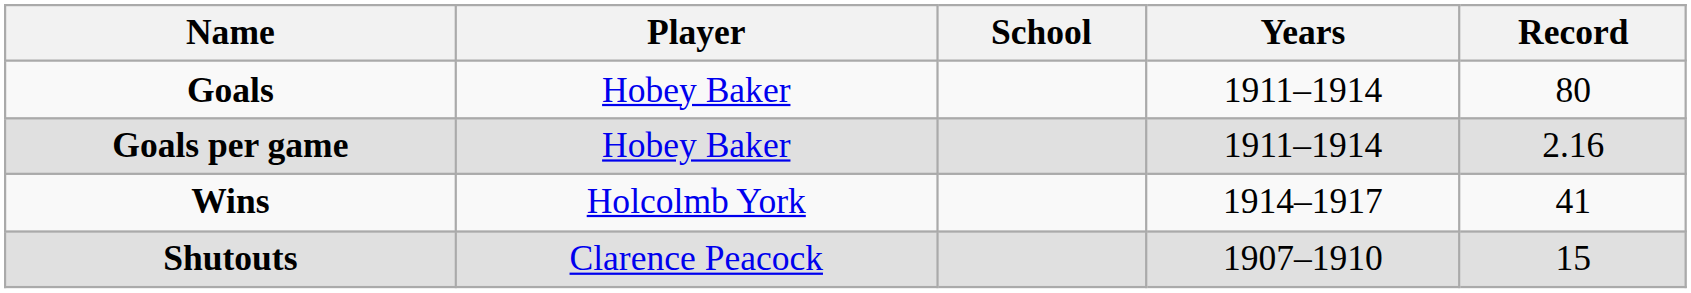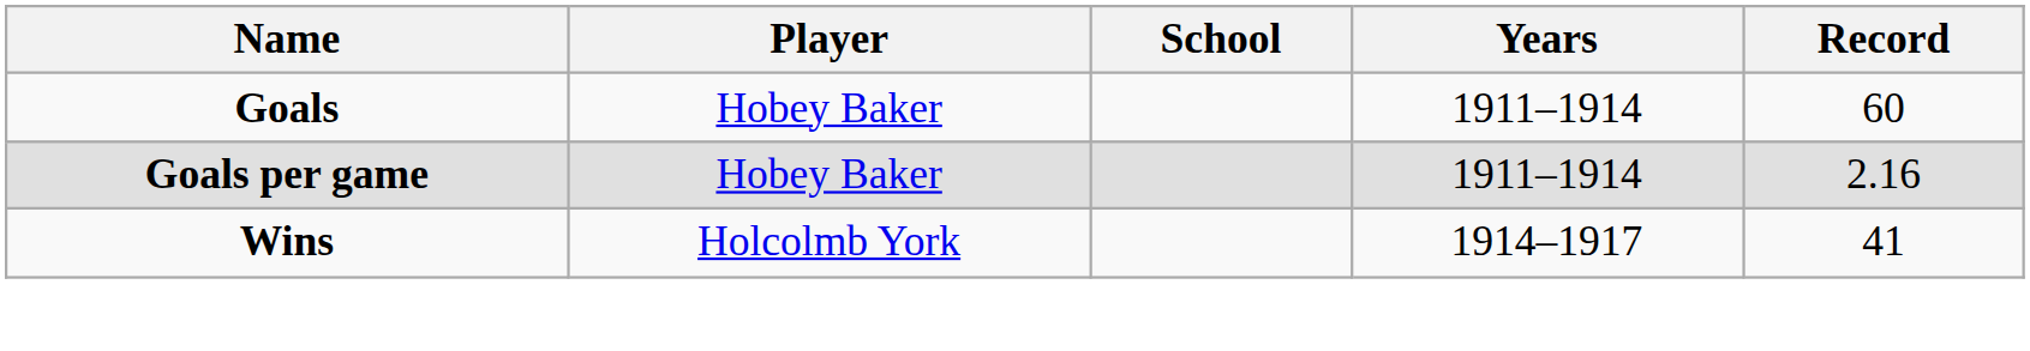 <table class="wikitable" width =60%>
 <tr>
 <th>Name</th>
 <th>Player</th>
 <th>School</th>
 <th>Years</th>
 <th>Record</th>
 </tr>
 <tr align=center>
 <td><strong>Goals</strong></td>
 <td><a href='#'>Hobey Baker</a></td>
 <td><strong><a href='#'></a></strong></td>
 <td>1911–1914</td>
-<td>80</td>
+<td>60</td>
 </tr>
 <tr align=center bgcolor=e0e0e0>
 <td><strong>Goals per game</strong></td>
 <td><a href='#'>Hobey Baker</a></td>
 <td><strong><a href='#'></a></strong></td>
 <td>1911–1914</td>
 <td>2.16</td>
 </tr>
 <tr align=center>
 <td><strong>Wins</strong></td>
 <td><a href='#'>Holcolmb York</a></td>
 <td><strong><a href='#'></a></strong></td>
 <td>1914–1917</td>
 <td>41</td>
 </tr>
-<tr align=center bgcolor=e0e0e0>
-<td><strong>Shutouts</strong></td>
-<td><a href='#'>Clarence Peacock</a></td>
-<td><strong><a href='#'></a></strong></td>
-<td>1907–1910</td>
-<td>15</td>
-</tr>
 </table>
